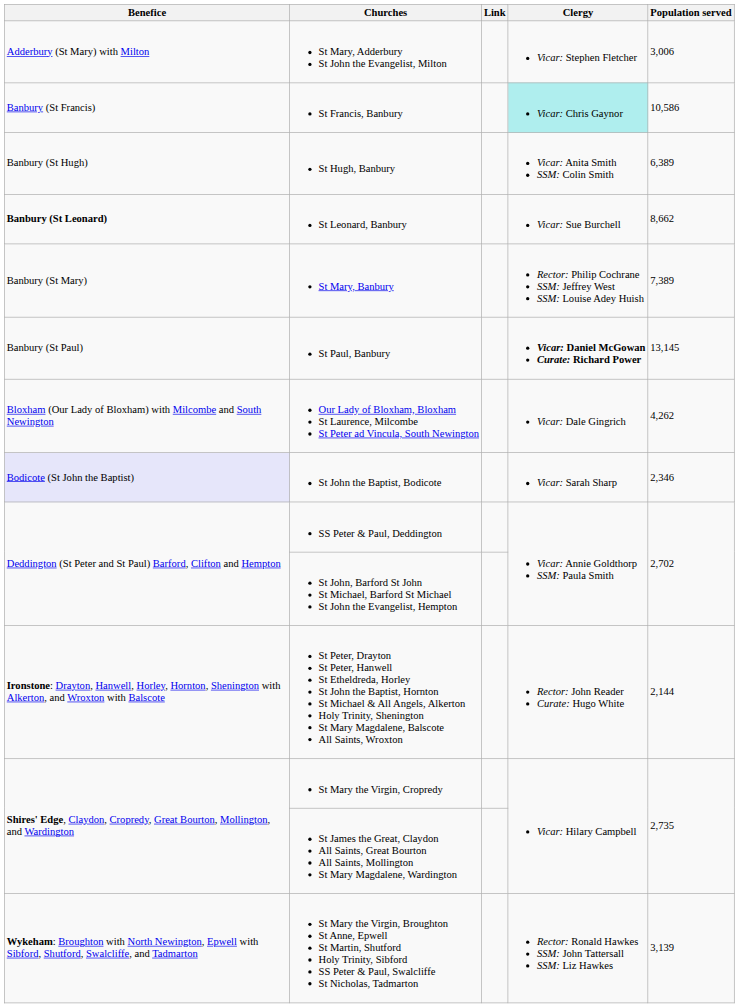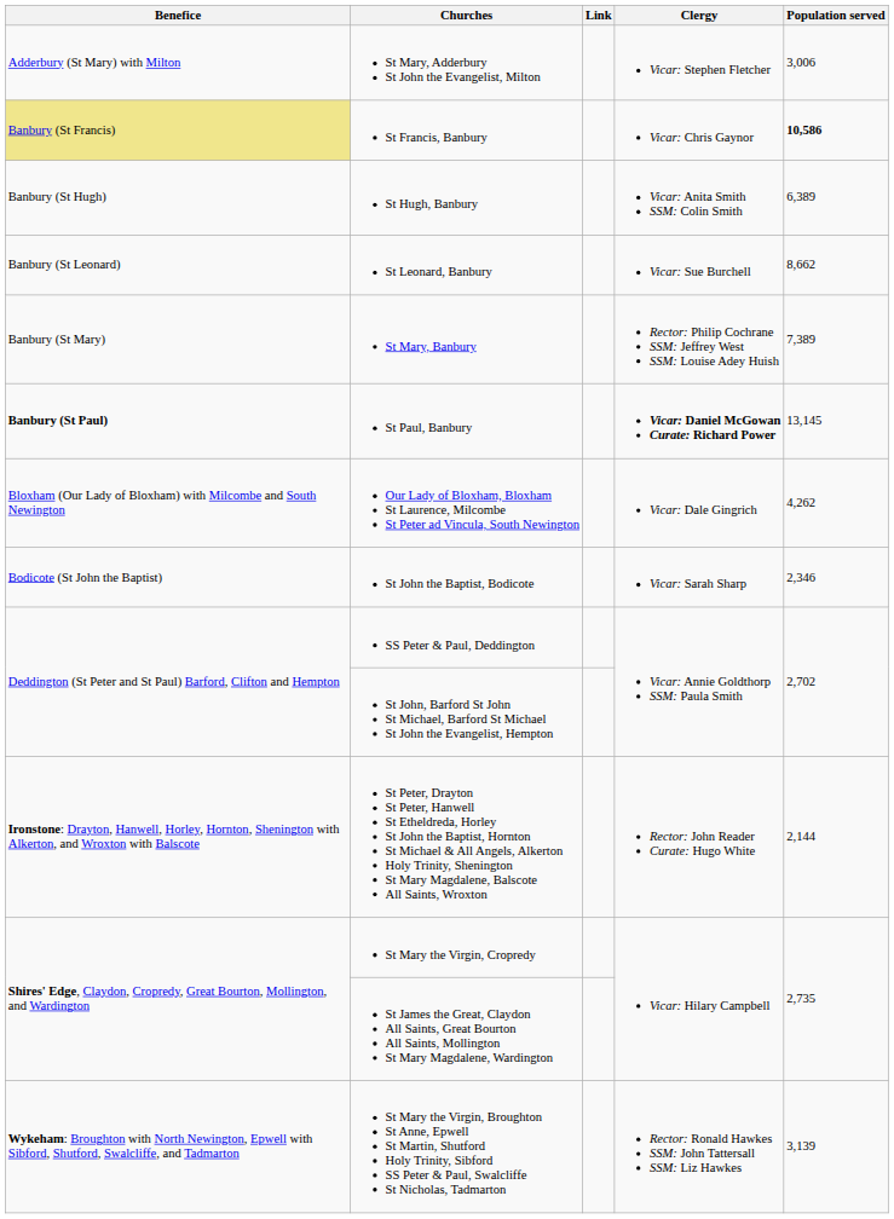 <table class="wikitable">
 <tr>
 <th width="425">Benefice</th>
 <th>Churches</th>
 <th>Link</th>
 <th>Clergy</th>
 <th>Population served</th>
 </tr>
 <tr>
 <td><a href='#'>Adderbury</a> (St Mary) with <a href='#'>Milton</a></td>
 <td><br><ul><li>St Mary, Adderbury</li><li>St John the Evangelist, Milton</li></ul></td>
 <td></td>
 <td><br><ul><li><em>Vicar:</em> Stephen Fletcher</li></ul></td>
 <td>3,006</td>
 </tr>
 <tr>
-<td><a href='#'>Banbury</a> (St Francis)</td>
+<td style="background: khaki;"><a href='#'>Banbury</a> (St Francis)</td>
 <td><br><ul><li>St Francis, Banbury</li></ul></td>
 <td></td>
-<td style="background: paleturquoise;"><br><ul><li><em>Vicar:</em> Chris Gaynor</li></ul></td>
-<td>10,586</td>
+<td><br><ul><li><em>Vicar:</em> Chris Gaynor</li></ul></td>
+<td><strong>10,586</strong></td>
 </tr>
 <tr>
 <td>Banbury (St Hugh)</td>
 <td><br><ul><li>St Hugh, Banbury</li></ul></td>
 <td></td>
 <td><br><ul><li><em>Vicar:</em> Anita Smith</li><li><em>SSM:</em> Colin Smith</li></ul></td>
 <td>6,389</td>
 </tr>
 <tr>
-<td><strong>Banbury (St Leonard)</strong></td>
+<td>Banbury (St Leonard)</td>
 <td><br><ul><li>St Leonard, Banbury</li></ul></td>
 <td></td>
 <td><br><ul><li><em>Vicar:</em> Sue Burchell</li></ul></td>
 <td>8,662</td>
 </tr>
 <tr>
 <td>Banbury (St Mary)</td>
 <td><br><ul><li><a href='#'>St Mary, Banbury</a></li></ul></td>
 <td></td>
 <td><br><ul><li><em>Rector:</em> Philip Cochrane</li><li><em>SSM:</em> Jeffrey West</li><li><em>SSM:</em> Louise Adey Huish</li></ul></td>
 <td>7,389</td>
 </tr>
 <tr>
-<td>Banbury (St Paul)</td>
+<td><strong>Banbury (St Paul)</strong></td>
 <td><br><ul><li>St Paul, Banbury</li></ul></td>
 <td></td>
 <td><strong><br><ul><li><em>Vicar:</em> Daniel McGowan</li><li><em>Curate:</em> Richard Power</li></ul></strong></td>
 <td>13,145</td>
 </tr>
 <tr>
 <td><a href='#'>Bloxham</a> (Our Lady of Bloxham) with <a href='#'>Milcombe</a> and <a href='#'>South Newington</a></td>
 <td><br><ul><li><a href='#'>Our Lady of Bloxham, Bloxham</a></li><li>St Laurence, Milcombe</li><li><a href='#'>St Peter ad Vincula, South Newington</a></li></ul></td>
 <td></td>
 <td><br><ul><li><em>Vicar:</em> Dale Gingrich</li></ul></td>
 <td>4,262</td>
 </tr>
 <tr>
-<td style="background: lavender;"><a href='#'>Bodicote</a> (St John the Baptist)</td>
+<td><a href='#'>Bodicote</a> (St John the Baptist)</td>
 <td><br><ul><li>St John the Baptist, Bodicote</li></ul></td>
 <td></td>
 <td><br><ul><li><em>Vicar:</em> Sarah Sharp</li></ul></td>
 <td>2,346</td>
 </tr>
 <tr>
 <td rowspan="2"><a href='#'>Deddington</a> (St Peter and St Paul) <a href='#'>Barford</a>, <a href='#'>Clifton</a> and <a href='#'>Hempton</a></td>
 <td><br><ul><li>SS Peter & Paul, Deddington</li></ul></td>
 <td></td>
 <td rowspan="2"><br><ul><li><em>Vicar:</em> Annie Goldthorp</li><li><em>SSM:</em> Paula Smith</li></ul></td>
 <td rowspan="2">2,702</td>
 </tr>
 <tr>
 <td><br><ul><li>St John, Barford St John</li><li>St Michael, Barford St Michael</li><li>St John the Evangelist, Hempton</li></ul></td>
 <td></td>
 </tr>
 <tr>
 <td><strong>Ironstone</strong>: <a href='#'>Drayton</a>, <a href='#'>Hanwell</a>, <a href='#'>Horley</a>, <a href='#'>Hornton</a>, <a href='#'>Shenington</a> with <a href='#'>Alkerton</a>, and <a href='#'>Wroxton</a> with <a href='#'>Balscote</a></td>
 <td><br><ul><li>St Peter, Drayton</li><li>St Peter, Hanwell</li><li>St Etheldreda, Horley</li><li>St John the Baptist, Hornton</li><li>St Michael & All Angels, Alkerton</li><li>Holy Trinity, Shenington</li><li>St Mary Magdalene, Balscote</li><li>All Saints, Wroxton</li></ul></td>
 <td></td>
 <td><br><ul><li><em>Rector:</em> John Reader</li><li><em>Curate:</em> Hugo White</li></ul></td>
 <td>2,144</td>
 </tr>
 <tr>
 <td rowspan="2"><strong>Shires' Edge</strong>, <a href='#'>Claydon</a>, <a href='#'>Cropredy</a>, <a href='#'>Great Bourton</a>, <a href='#'>Mollington</a>, and <a href='#'>Wardington</a></td>
 <td><br><ul><li>St Mary the Virgin, Cropredy</li></ul></td>
 <td></td>
 <td rowspan="2"><br><ul><li><em>Vicar:</em> Hilary Campbell</li></ul></td>
 <td rowspan="2">2,735</td>
 </tr>
 <tr>
 <td><br><ul><li>St James the Great, Claydon</li><li>All Saints, Great Bourton</li><li>All Saints, Mollington</li><li>St Mary Magdalene, Wardington</li></ul></td>
 <td></td>
 </tr>
 <tr>
 <td><strong>Wykeham</strong>: <a href='#'>Broughton</a> with <a href='#'>North Newington</a>, <a href='#'>Epwell</a> with <a href='#'>Sibford</a>, <a href='#'>Shutford</a>, <a href='#'>Swalcliffe</a>, and <a href='#'>Tadmarton</a></td>
 <td><br><ul><li>St Mary the Virgin, Broughton</li><li>St Anne, Epwell</li><li>St Martin, Shutford</li><li>Holy Trinity, Sibford</li><li>SS Peter & Paul, Swalcliffe</li><li>St Nicholas, Tadmarton</li></ul></td>
 <td></td>
 <td><br><ul><li><em>Rector:</em> Ronald Hawkes</li><li><em>SSM:</em> John Tattersall</li><li><em>SSM:</em> Liz Hawkes</li></ul></td>
 <td>3,139</td>
 </tr>
 </table>
